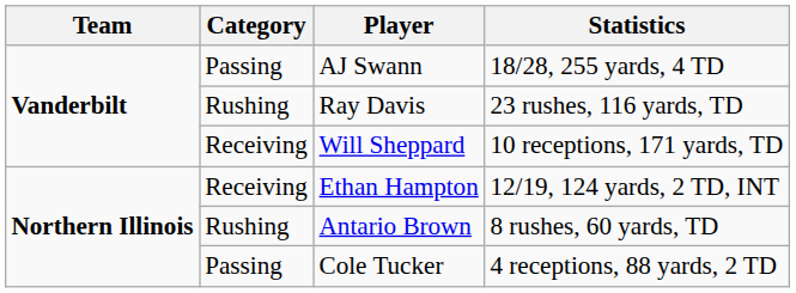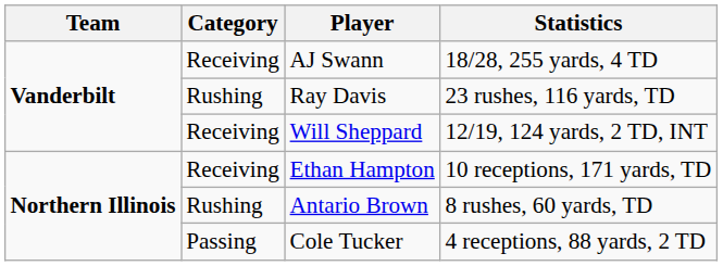 <table class="wikitable" style="float: left;">
 <tr>
 <th>Team</th>
 <th>Category</th>
 <th>Player</th>
 <th>Statistics</th>
 </tr>
 <tr>
 <td rowspan=3><strong>Vanderbilt</strong></td>
-<td>Passing</td>
+<td>Receiving</td>
 <td>AJ Swann</td>
 <td>18/28, 255 yards, 4 TD</td>
 </tr>
 <tr>
 <td>Rushing</td>
 <td>Ray Davis</td>
 <td>23 rushes, 116 yards, TD</td>
 </tr>
 <tr>
 <td>Receiving</td>
 <td><a href='#'>Will Sheppard</a></td>
-<td>10 receptions, 171 yards, TD</td>
+<td>12/19, 124 yards, 2 TD, INT</td>
 </tr>
 <tr>
 <td rowspan=3><strong>Northern Illinois</strong></td>
 <td>Receiving</td>
 <td><a href='#'>Ethan Hampton</a></td>
-<td>12/19, 124 yards, 2 TD, INT</td>
+<td>10 receptions, 171 yards, TD</td>
 </tr>
 <tr>
 <td>Rushing</td>
 <td><a href='#'>Antario Brown</a></td>
 <td>8 rushes, 60 yards, TD</td>
 </tr>
 <tr>
 <td>Passing</td>
 <td>Cole Tucker</td>
 <td>4 receptions, 88 yards, 2 TD</td>
 </tr>
 </table>
